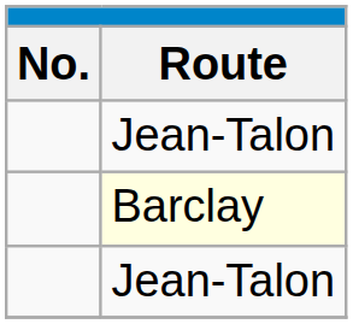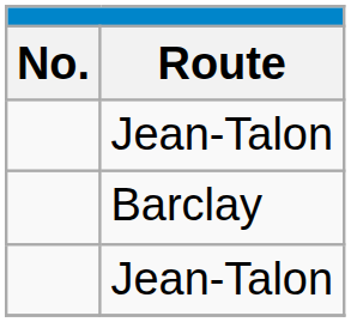 <table align=center class="wikitable">
 <tr>
 <th style="background: #0085CA; font-size:100%; color:#FFFFFF;"colspan="4"><a href='#'></a></th>
 </tr>
 <tr>
 <th>No.</th>
 <th>Route</th>
 </tr>
 <tr>
 <td></td>
 <td>Jean-Talon</td>
 </tr>
 <tr>
 <td></td>
-<td style="background: lightyellow;">Barclay</td>
+<td>Barclay</td>
 </tr>
 <tr>
 <td {{Avoid wrap> </td>
 <td>Jean-Talon</td>
 </tr>
 <tr>
 </tr>
 </table>
